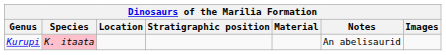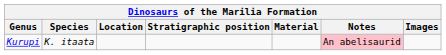 <table class="wikitable" align="center">
 <tr>
 <th colspan="7" align="center"><strong><a href='#'>Dinosaurs</a> of the Marilia Formation</strong></th>
 </tr>
 <tr>
 <th>Genus</th>
 <th>Species</th>
 <th>Location</th>
 <th>Stratigraphic position</th>
 <th>Material</th>
 <th>Notes</th>
 <th>Images</th>
 </tr>
 <tr>
 <td><em><a href='#'>Kurupi</a></em></td>
-<td style="background: pink;"><em>K. itaata</em></td>
+<td><em>K. itaata</em></td>
 <td></td>
 <td></td>
 <td></td>
-<td>An abelisaurid</td>
+<td style="background: pink;">An abelisaurid</td>
 <td></td>
 </tr>
 </table>
